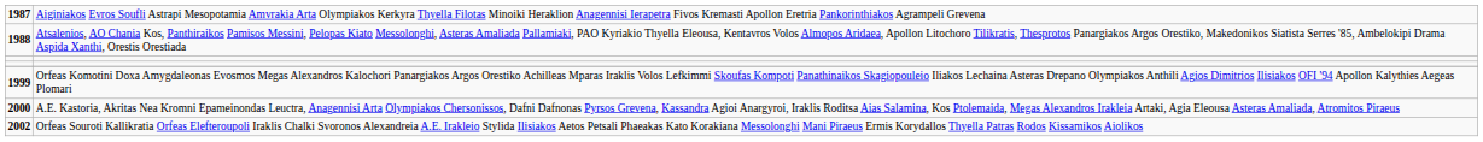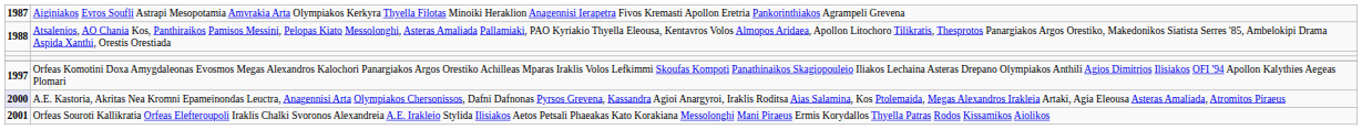 <table class="wikitable" style="font-size: 95%;">
 <tr>
 <td align="center"><strong>1987</strong></td>
 <td align="left"><a href='#'>Aiginiakos</a>  <a href='#'>Evros Soufli</a>  Astrapi Mesopotamia  <a href='#'>Amvrakia Arta</a>  Olympiakos Kerkyra  <a href='#'>Thyella Filotas</a>  Minoiki Heraklion  <a href='#'>Anagennisi Ierapetra</a>  Fivos Kremasti  Apollon Eretria  <a href='#'>Pankorinthiakos</a>  Agrampeli Grevena</td>
 </tr>
 <tr>
 <td align="center"><strong>1988</strong></td>
 <td align="left"><a href='#'>Atsalenios</a>, <a href='#'>AO Chania</a>  Kos, <a href='#'>Panthiraikos</a>  <a href='#'>Pamisos Messini</a>, <a href='#'>Pelopas Kiato</a>  <a href='#'>Messolonghi</a>, <a href='#'>Asteras Amaliada</a>  <a href='#'>Pallamiaki</a>, PAO Kyriakio  Thyella Eleousa, Kentavros Volos  <a href='#'>Almopos Aridaea</a>, Apollon Litochoro  <a href='#'>Tilikratis</a>, <a href='#'>Thesprotos</a>  Panargiakos Argos Orestiko, Makedonikos Siatista  Serres '85, Ambelokipi Drama  <a href='#'>Aspida Xanthi</a>, Orestis Orestiada</td>
 </tr>
 <tr>
 <td></td>
 <td></td>
 </tr>
 <tr>
 <td></td>
 <td></td>
 </tr>
 <tr>
 </tr>
 <tr>
-<td align="center"><strong>1999</strong></td>
+<td align="center"><strong>1997</strong></td>
 <td align="left">Orfeas Komotini  Doxa Amygdaleonas  Evosmos  Megas Alexandros Kalochori  Panargiakos Argos Orestiko  Achilleas Mparas  Iraklis Volos Lefkimmi  <a href='#'>Skoufas Kompoti</a>  <a href='#'>Panathinaikos Skagiopouleio</a>  Iliakos Lechaina  Asteras Drepano  Olympiakos Anthili  <a href='#'>Agios Dimitrios</a>  <a href='#'>Ilisiakos</a>  <a href='#'>OFI '94</a>  Apollon Kalythies  Aegeas Plomari</td>
 </tr>
 <tr>
-<td align="center"><strong>2000</strong></td>
+<td align="center" style="background: lavender;"><strong>2000</strong></td>
 <td align="left">Α.Ε. Kastoria, Akritas Nea Kromni  Epameinondas Leuctra, <a href='#'>Anagennisi Arta</a>  <a href='#'>Olympiakos Chersonissos</a>, Dafni Dafnonas  <a href='#'>Pyrsos Grevena</a>, <a href='#'>Kassandra</a>  Agioi Anargyroi, Iraklis Roditsa  <a href='#'>Aias Salamina</a>, Kos  <a href='#'>Ptolemaida</a>, <a href='#'>Megas Alexandros Irakleia</a>  Artaki, Agia Eleousa  <a href='#'>Asteras Amaliada</a>, <a href='#'>Atromitos Piraeus</a></td>
 </tr>
 <tr>
-<td align="center"><strong>2002</strong></td>
+<td align="center"><strong>2001</strong></td>
 <td align="left">Orfeas Souroti  Kallikratia  <a href='#'>Orfeas Elefteroupoli</a>  Iraklis Chalki  Svoronos  Alexandreia  <a href='#'>A.E. Irakleio</a>  Stylida  <a href='#'>Ilisiakos</a>  Aetos Petsali  Phaeakas Kato Korakiana  <a href='#'>Messolonghi</a>  <a href='#'>Mani Piraeus</a>  Ermis Korydallos  <a href='#'>Thyella Patras</a>  <a href='#'>Rodos</a>  <a href='#'>Kissamikos</a>  <a href='#'>Aiolikos</a></td>
 </tr>
 </table>
